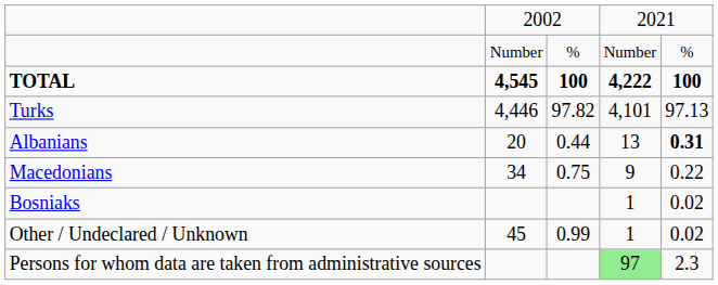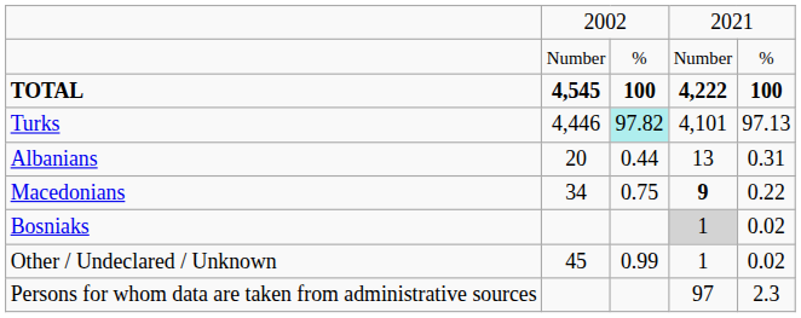 <table class="wikitable">
 <tr>
 <td></td>
 <td colspan="2" align="center">2002</td>
 <td colspan="2" align="center">2021</td>
 </tr>
 <tr>
 <td></td>
 <td align="center"><small>Number</small></td>
 <td align="center"><small>%</small></td>
 <td align="center"><small>Number</small></td>
 <td align="center"><small>%</small></td>
 </tr>
 <tr>
 <td><strong>TOTAL</strong></td>
 <td align="center"><strong>4,545</strong></td>
 <td align="center"><strong>100</strong></td>
 <td align="center"><strong>4,222</strong></td>
 <td align="center"><strong>100</strong></td>
 </tr>
 <tr>
 <td><a href='#'>Turks</a></td>
 <td align="center">4,446</td>
-<td align="center">97.82</td>
+<td align="center" style="background: paleturquoise;">97.82</td>
 <td align="center">4,101</td>
 <td align="center">97.13</td>
 </tr>
 <tr>
 <td><a href='#'>Albanians</a></td>
 <td align="center">20</td>
 <td align="center">0.44</td>
 <td align="center">13</td>
-<td align="center"><strong>0.31</strong></td>
+<td align="center">0.31</td>
 </tr>
 <tr>
 <td><a href='#'>Macedonians</a></td>
 <td align="center">34</td>
 <td align="center">0.75</td>
-<td align="center">9</td>
+<td align="center"><strong>9</strong></td>
 <td align="center">0.22</td>
 </tr>
 <tr>
 <td><a href='#'>Bosniaks</a></td>
 <td align="center"></td>
 <td align="center"></td>
-<td align="center">1</td>
+<td align="center" style="background: lightgrey;">1</td>
 <td align="center">0.02</td>
 </tr>
 <tr>
 <td>Other / Undeclared / Unknown</td>
 <td align="center">45</td>
 <td align="center">0.99</td>
 <td align="center">1</td>
 <td align="center">0.02</td>
 </tr>
 <tr>
 <td>Persons for whom data are taken from administrative sources</td>
 <td align="center"></td>
 <td align="center"></td>
-<td align="center" style="background: lightgreen;">97</td>
+<td align="center">97</td>
 <td align="center">2.3</td>
 </tr>
 </table>
